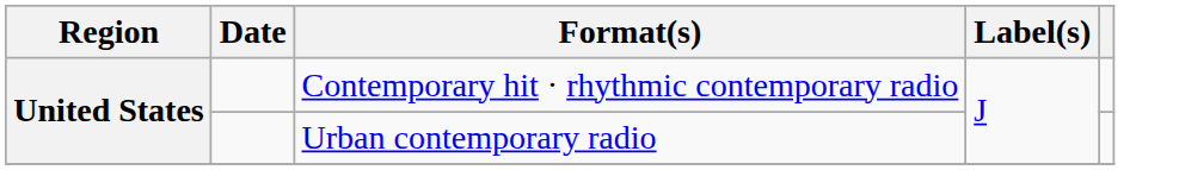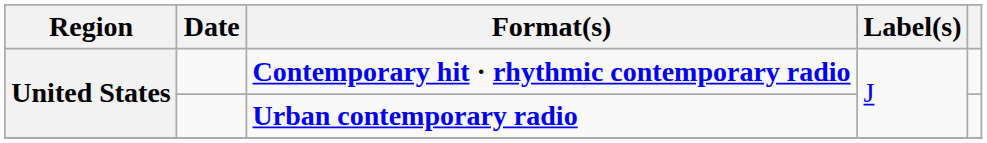 <table class="wikitable plainrowheaders" style="text-align:left">
 <tr>
 <th scope="col">Region</th>
 <th scope="col">Date</th>
 <th scope="col">Format(s)</th>
 <th scope="col">Label(s)</th>
 <th scope="col"></th>
 </tr>
 <tr>
 <th scope="row" rowspan="2">United States</th>
 <td></td>
-<td><a href='#'>Contemporary hit</a> · <a href='#'>rhythmic contemporary radio</a></td>
+<td><strong><a href='#'>Contemporary hit</a> · <a href='#'>rhythmic contemporary radio</a></strong></td>
 <td rowspan="2"><a href='#'>J</a></td>
 <td></td>
 </tr>
 <tr>
 <td></td>
-<td><a href='#'>Urban contemporary radio</a></td>
+<td><strong><a href='#'>Urban contemporary radio</a></strong></td>
 <td></td>
 </tr>
 <tr>
 </tr>
 </table>
